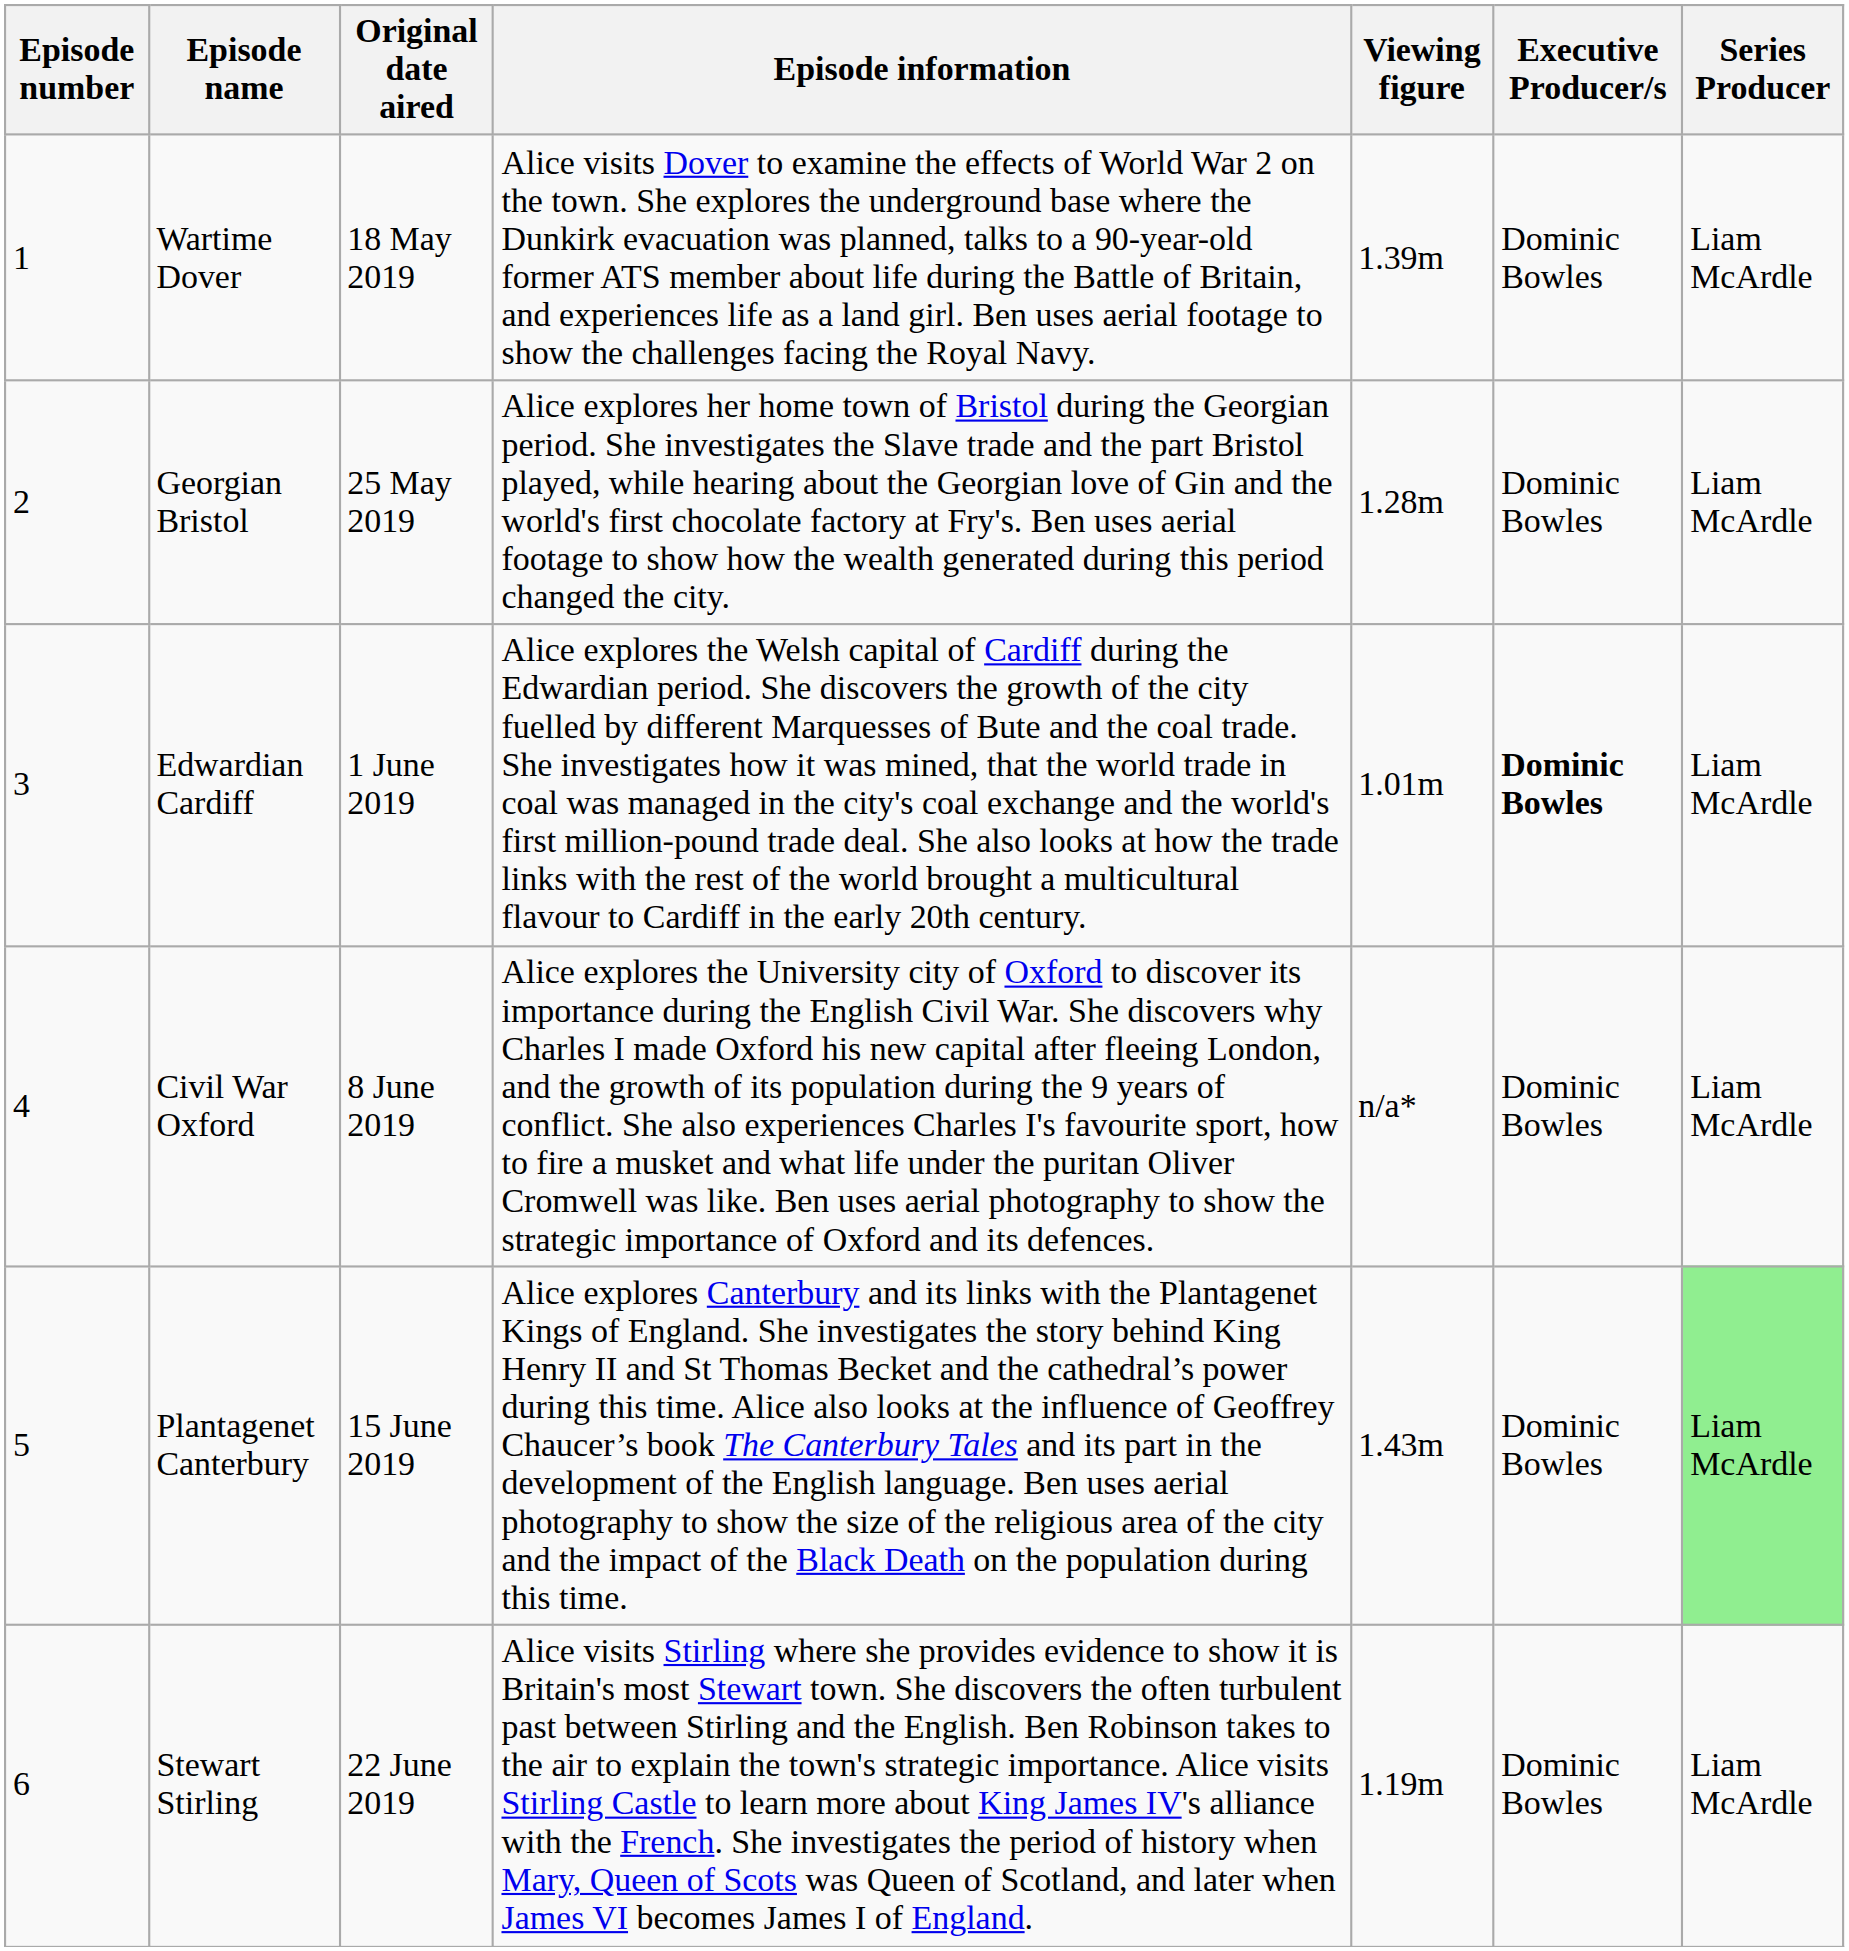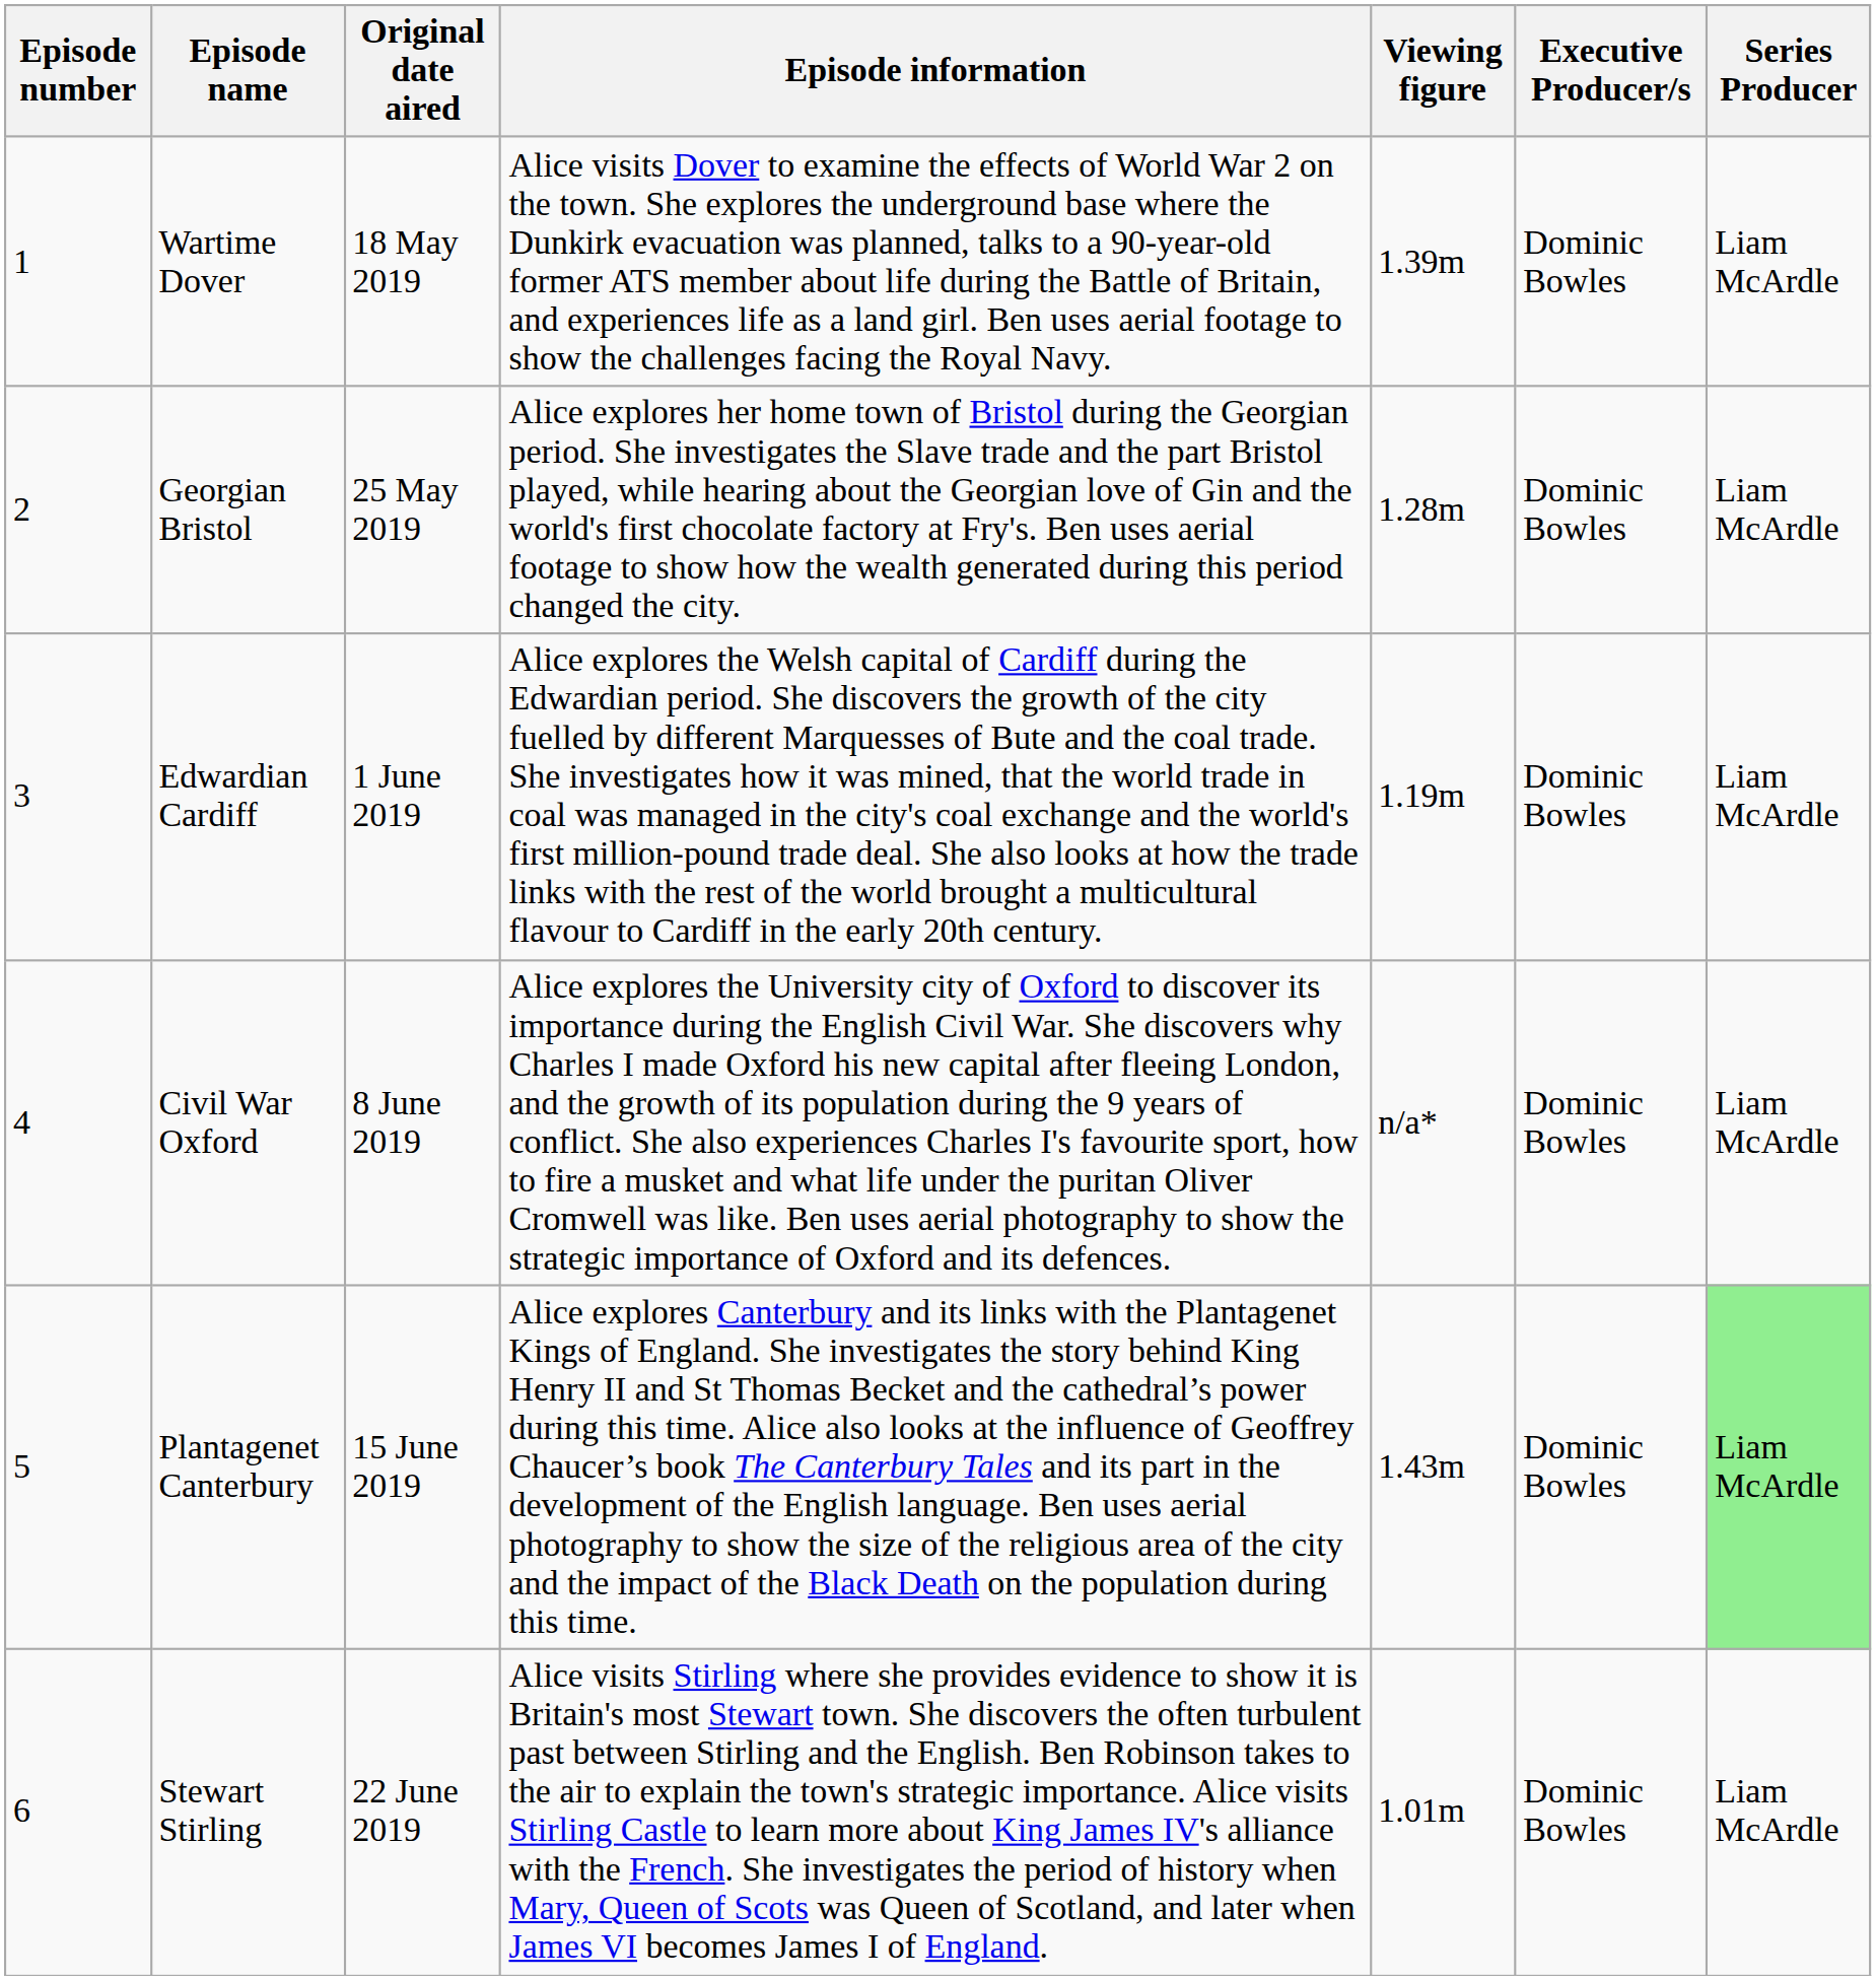 <table class="wikitable sortable">
 <tr>
 <th>Episode number</th>
 <th>Episode name</th>
 <th>Original date aired</th>
 <th>Episode information</th>
 <th>Viewing figure</th>
 <th>Executive Producer/s</th>
 <th>Series Producer</th>
 </tr>
 <tr>
 <td>1</td>
 <td>Wartime Dover</td>
 <td>18 May 2019</td>
 <td>Alice visits <a href='#'>Dover</a> to examine the effects of World War 2 on the town. She explores the underground base where the Dunkirk evacuation was planned, talks to a 90-year-old former ATS member about life during the Battle of Britain, and experiences life as a land girl. Ben uses aerial footage to show the challenges facing the Royal Navy.</td>
 <td>1.39m</td>
 <td>Dominic Bowles</td>
 <td>Liam McArdle</td>
 </tr>
 <tr>
 <td>2</td>
 <td>Georgian Bristol</td>
 <td>25 May 2019</td>
 <td>Alice explores her home town of <a href='#'>Bristol</a> during the Georgian period. She investigates the Slave trade and the part Bristol played, while hearing about the Georgian love of Gin and the world's first chocolate factory at Fry's. Ben uses aerial footage to show how the wealth generated during this period changed the city.</td>
 <td>1.28m</td>
 <td>Dominic Bowles</td>
 <td>Liam McArdle</td>
 </tr>
 <tr>
 <td>3</td>
 <td>Edwardian Cardiff</td>
 <td>1 June 2019</td>
 <td>Alice explores the Welsh capital of <a href='#'>Cardiff</a> during the Edwardian period. She discovers the growth of the city fuelled by different Marquesses of Bute and the coal trade. She investigates how it was mined, that the world trade in coal was managed in the city's coal exchange and the world's first million-pound trade deal. She also looks at how the trade links with the rest of the world brought a multicultural flavour to Cardiff in the early 20th century.</td>
-<td>1.01m</td>
-<td><strong>Dominic Bowles</strong></td>
+<td>1.19m</td>
+<td>Dominic Bowles</td>
 <td>Liam McArdle</td>
 </tr>
 <tr>
 <td>4</td>
 <td>Civil War Oxford</td>
 <td>8 June 2019</td>
 <td>Alice explores the University city of <a href='#'>Oxford</a> to discover its importance during the English Civil War. She discovers why Charles I made Oxford his new capital after fleeing London, and the growth of its population during the 9 years of conflict. She also experiences Charles I's favourite sport, how to fire a musket and what life under the puritan Oliver Cromwell was like. Ben uses aerial photography to show the strategic importance of Oxford and its defences.</td>
 <td>n/a*</td>
 <td>Dominic Bowles</td>
 <td>Liam McArdle</td>
 </tr>
 <tr>
 <td>5</td>
 <td>Plantagenet Canterbury</td>
 <td>15 June 2019</td>
 <td>Alice explores <a href='#'>Canterbury</a> and its links with the Plantagenet Kings of England. She investigates the story behind King Henry II and St Thomas Becket and the cathedral’s power during this time. Alice also looks at the influence of Geoffrey Chaucer’s book <em><a href='#'>The Canterbury Tales</a></em> and its part in the development of the English language. Ben uses aerial photography to show the size of the religious area of the city and the impact of the <a href='#'>Black Death</a> on the population during this time.</td>
 <td>1.43m</td>
 <td>Dominic Bowles</td>
 <td style="background: lightgreen;">Liam McArdle</td>
 </tr>
 <tr>
 <td>6</td>
 <td>Stewart Stirling</td>
 <td>22 June 2019</td>
 <td>Alice visits <a href='#'>Stirling</a> where she provides evidence to show it is Britain's most <a href='#'>Stewart</a> town. She discovers the often turbulent past between Stirling and the English. Ben Robinson takes to the air to explain the town's strategic importance. Alice visits <a href='#'>Stirling Castle</a> to learn more about <a href='#'>King James IV</a>'s alliance with the <a href='#'>French</a>. She investigates the period of history when <a href='#'>Mary, Queen of Scots</a> was Queen of Scotland, and later when <a href='#'>James VI</a> becomes James I of <a href='#'>England</a>.</td>
-<td>1.19m</td>
+<td>1.01m</td>
 <td>Dominic Bowles</td>
 <td>Liam McArdle</td>
 </tr>
 <tr>
 </tr>
 </table>
